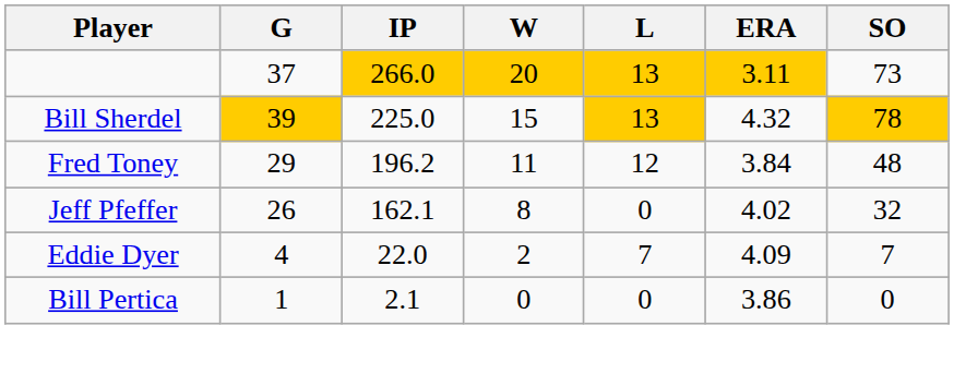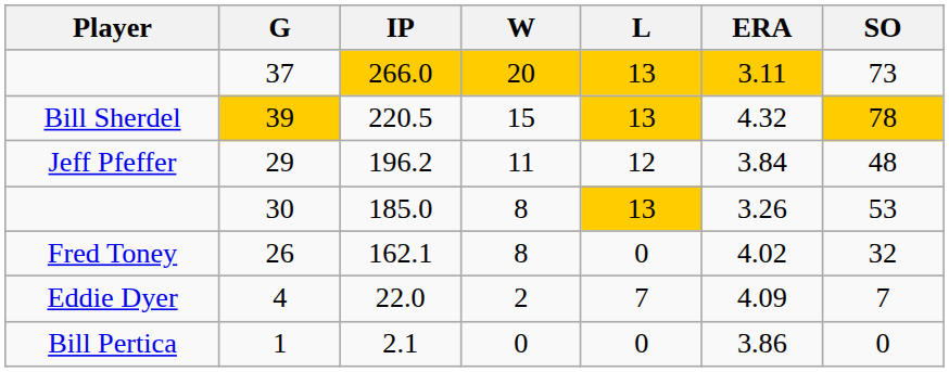 <table class="wikitable sortable">
 <tr>
 <th bgcolor="#DDDDFF" width="16%">Player</th>
 <th bgcolor="#DDDDFF" width="9%">G</th>
 <th bgcolor="#DDDDFF" width="9%">IP</th>
 <th bgcolor="#DDDDFF" width="9%">W</th>
 <th bgcolor="#DDDDFF" width="9%">L</th>
 <th bgcolor="#DDDDFF" width="9%">ERA</th>
 <th bgcolor="#DDDDFF" width="9%">SO</th>
 </tr>
 <tr align="center">
 <td></td>
 <td>37</td>
 <td style="background:#fc0;">266.0</td>
 <td style="background:#fc0;">20</td>
 <td style="background:#fc0;">13</td>
 <td style="background:#fc0;">3.11</td>
 <td>73</td>
 </tr>
 <tr align="center">
 <td><a href='#'>Bill Sherdel</a></td>
 <td style="background:#fc0;">39</td>
-<td>225.0</td>
+<td>220.5</td>
 <td>15</td>
 <td style="background:#fc0;">13</td>
 <td>4.32</td>
 <td style="background:#fc0;">78</td>
 </tr>
 <tr align="center">
-<td><a href='#'>Fred Toney</a></td>
+<td><a href='#'>Jeff Pfeffer</a></td>
 <td>29</td>
 <td>196.2</td>
 <td>11</td>
 <td>12</td>
 <td>3.84</td>
 <td>48</td>
 </tr>
 <tr align="center">
-<td><a href='#'>Jeff Pfeffer</a></td>
+<td></td>
+<td>30</td>
+<td>185.0</td>
+<td>8</td>
+<td style="background:#fc0;">13</td>
+<td>3.26</td>
+<td>53</td>
+</tr>
+<tr align="center">
+<td><a href='#'>Fred Toney</a></td>
 <td>26</td>
 <td>162.1</td>
 <td>8</td>
 <td>0</td>
 <td>4.02</td>
 <td>32</td>
 </tr>
 <tr align="center">
 <td><a href='#'>Eddie Dyer</a></td>
 <td>4</td>
 <td>22.0</td>
 <td>2</td>
 <td>7</td>
 <td>4.09</td>
 <td>7</td>
 </tr>
 <tr align="center">
 <td><a href='#'>Bill Pertica</a></td>
 <td>1</td>
 <td>2.1</td>
 <td>0</td>
 <td>0</td>
 <td>3.86</td>
 <td>0</td>
 </tr>
 </table>
